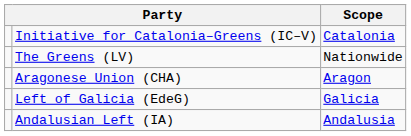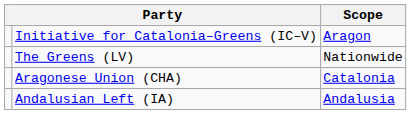 <table class="wikitable" style="text-align:left; font-size:97%;">
 <tr>
 <th colspan="2">Party</th>
 <th>Scope</th>
 </tr>
 <tr>
 <td width="1"></td>
 <td><a href='#'>Initiative for Catalonia–Greens</a> (IC–V)</td>
-<td><a href='#'>Catalonia</a></td>
+<td><a href='#'>Aragon</a></td>
 </tr>
 <tr>
 <td></td>
 <td><a href='#'>The Greens</a> (LV)</td>
 <td>Nationwide</td>
 </tr>
 <tr>
 <td></td>
 <td><a href='#'>Aragonese Union</a> (CHA)</td>
-<td><a href='#'>Aragon</a></td>
-</tr>
-<tr>
-<td></td>
-<td><a href='#'>Left of Galicia</a> (EdeG)</td>
-<td><a href='#'>Galicia</a></td>
+<td><a href='#'>Catalonia</a></td>
 </tr>
 <tr>
 <td></td>
 <td><a href='#'>Andalusian Left</a> (IA)</td>
 <td><a href='#'>Andalusia</a></td>
 </tr>
 </table>
